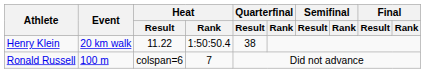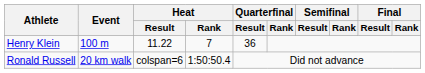 <table class="wikitable" style="font-size:90%">
 <tr>
 <th rowspan="2">Athlete</th>
 <th rowspan="2">Event</th>
 <th colspan="2">Heat</th>
 <th colspan="2">Quarterfinal</th>
 <th colspan="2">Semifinal</th>
 <th colspan="2">Final</th>
 </tr>
 <tr style="font-size:95%">
 <th>Result</th>
 <th>Rank</th>
 <th>Result</th>
 <th>Rank</th>
 <th>Result</th>
 <th>Rank</th>
 <th>Result</th>
 <th>Rank</th>
 </tr>
 <tr align=center>
 <td align=left><a href='#'>Henry Klein</a></td>
-<td align=left><a href='#'>20 km walk</a></td>
+<td align=left><a href='#'>100 m</a></td>
 <td>11.22</td>
-<td>1:50:50.4</td>
-<td>38</td>
+<td>7</td>
+<td>36</td>
 </tr>
 <tr align=center>
 <td align=left><a href='#'>Ronald Russell</a></td>
-<td align=left><a href='#'>100 m</a></td>
+<td align=left><a href='#'>20 km walk</a></td>
 <td>colspan=6 </td>
-<td>7</td>
+<td>1:50:50.4</td>
 <td colspan=6>Did not advance</td>
 </tr>
 </table>
